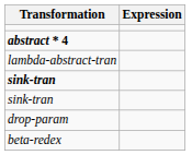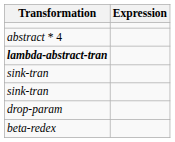 <table class="wikitable">
 <tr>
 <th>Transformation</th>
 <th>Expression</th>
 </tr>
 <tr>
 <td></td>
 <td></td>
 </tr>
 <tr>
-<td><strong><em>abstract</em> * 4</strong></td>
+<td><em>abstract</em> * 4</td>
 <td></td>
 </tr>
 <tr>
-<td><em>lambda-abstract-tran</em></td>
+<td><strong><em>lambda-abstract-tran</em></strong></td>
 <td></td>
 </tr>
 <tr>
-<td><strong><em>sink-tran</em></strong></td>
+<td><em>sink-tran</em></td>
 <td></td>
 </tr>
 <tr>
 <td><em>sink-tran</em></td>
 <td></td>
 </tr>
 <tr>
 <td><em>drop-param</em></td>
 <td></td>
 </tr>
 <tr>
 <td><em>beta-redex</em></td>
 <td></td>
 </tr>
 </table>
